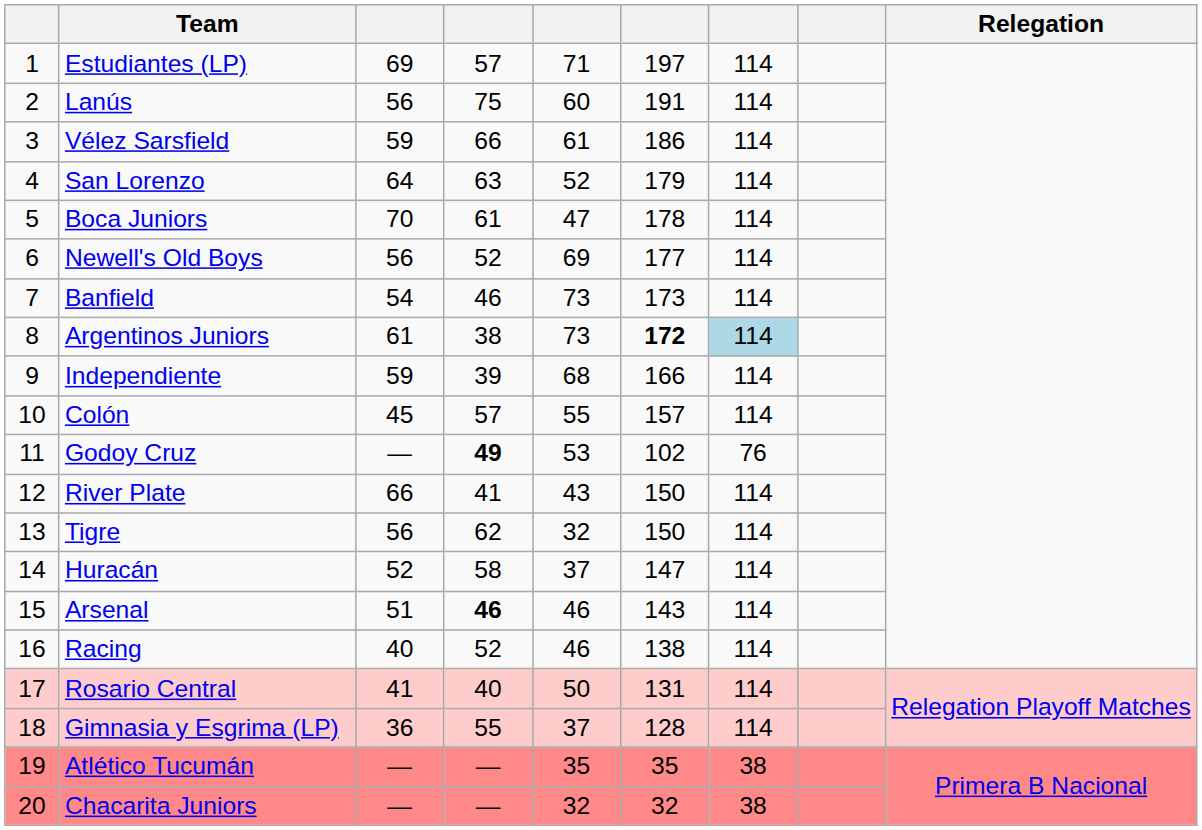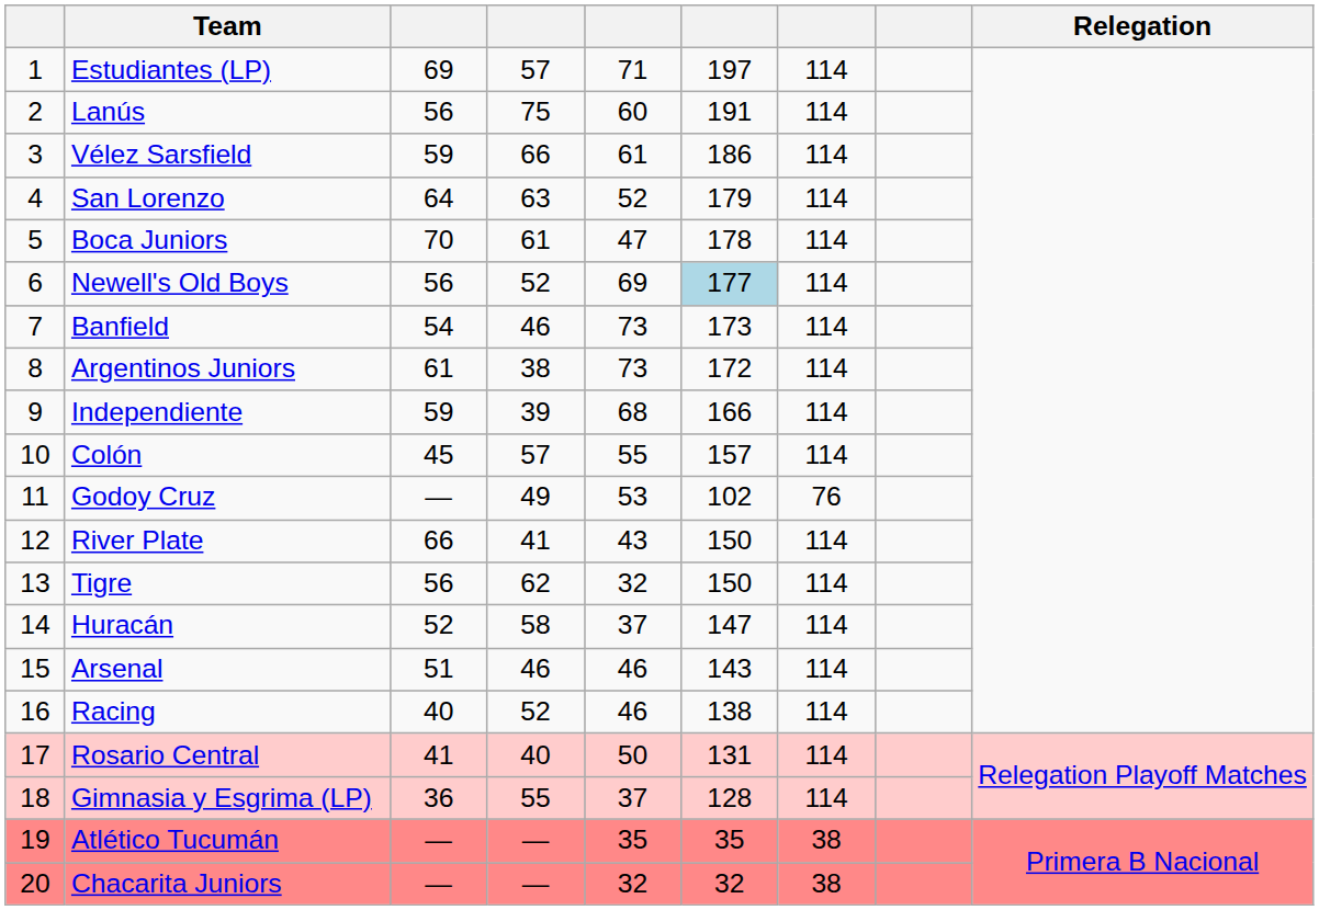 <table class="wikitable" style="text-align: center;">
 <tr>
 <th width=28><br></th>
 <th width=185>Team</th>
 <th width=50></th>
 <th width=50></th>
 <th width=50></th>
 <th width=50></th>
 <th width=50></th>
 <th width=50><br></th>
 <th>Relegation</th>
 </tr>
 <tr>
 <td>1</td>
 <td align="left"><a href='#'>Estudiantes (LP)</a></td>
 <td>69</td>
 <td>57</td>
 <td>71</td>
 <td>197</td>
 <td>114</td>
 <td><strong></strong></td>
 </tr>
 <tr>
 <td>2</td>
 <td align="left"><a href='#'>Lanús</a></td>
 <td>56</td>
 <td>75</td>
 <td>60</td>
 <td>191</td>
 <td>114</td>
 <td><strong></strong></td>
 </tr>
 <tr>
 <td>3</td>
 <td align="left"><a href='#'>Vélez Sarsfield</a></td>
 <td>59</td>
 <td>66</td>
 <td>61</td>
 <td>186</td>
 <td>114</td>
 <td><strong></strong></td>
 </tr>
 <tr>
 <td>4</td>
 <td align="left"><a href='#'>San Lorenzo</a></td>
 <td>64</td>
 <td>63</td>
 <td>52</td>
 <td>179</td>
 <td>114</td>
 <td><strong></strong></td>
 </tr>
 <tr>
 <td>5</td>
 <td align="left"><a href='#'>Boca Juniors</a></td>
 <td>70</td>
 <td>61</td>
 <td>47</td>
 <td>178</td>
 <td>114</td>
 <td><strong></strong></td>
 </tr>
 <tr>
 <td>6</td>
 <td align="left"><a href='#'>Newell's Old Boys</a></td>
 <td>56</td>
 <td>52</td>
 <td>69</td>
-<td>177</td>
+<td style="background: lightblue;">177</td>
 <td>114</td>
 <td><strong></strong></td>
 </tr>
 <tr>
 <td>7</td>
 <td align="left"><a href='#'>Banfield</a></td>
 <td>54</td>
 <td>46</td>
 <td>73</td>
 <td>173</td>
 <td>114</td>
 <td><strong></strong></td>
 </tr>
 <tr>
 <td>8</td>
 <td align="left"><a href='#'>Argentinos Juniors</a></td>
 <td>61</td>
 <td>38</td>
 <td>73</td>
-<td><strong>172</strong></td>
-<td style="background: lightblue;">114</td>
+<td>172</td>
+<td>114</td>
 <td><strong></strong></td>
 </tr>
 <tr>
 <td>9</td>
 <td align="left"><a href='#'>Independiente</a></td>
 <td>59</td>
 <td>39</td>
 <td>68</td>
 <td>166</td>
 <td>114</td>
 <td><strong></strong></td>
 </tr>
 <tr>
 <td>10</td>
 <td align="left"><a href='#'>Colón</a></td>
 <td>45</td>
 <td>57</td>
 <td>55</td>
 <td>157</td>
 <td>114</td>
 <td><strong></strong></td>
 </tr>
 <tr>
 <td>11</td>
 <td align="left"><a href='#'>Godoy Cruz</a></td>
 <td>—</td>
-<td><strong>49</strong></td>
+<td>49</td>
 <td>53</td>
 <td>102</td>
 <td>76</td>
 <td><strong></strong></td>
 </tr>
 <tr>
 <td>12</td>
 <td align="left"><a href='#'>River Plate</a></td>
 <td>66</td>
 <td>41</td>
 <td>43</td>
 <td>150</td>
 <td>114</td>
 <td><strong></strong></td>
 </tr>
 <tr>
 <td>13</td>
 <td align="left"><a href='#'>Tigre</a></td>
 <td>56</td>
 <td>62</td>
 <td>32</td>
 <td>150</td>
 <td>114</td>
 <td><strong></strong></td>
 </tr>
 <tr>
 <td>14</td>
 <td align="left"><a href='#'>Huracán</a></td>
 <td>52</td>
 <td>58</td>
 <td>37</td>
 <td>147</td>
 <td>114</td>
 <td><strong></strong></td>
 </tr>
 <tr>
 <td>15</td>
 <td align="left"><a href='#'>Arsenal</a></td>
 <td>51</td>
-<td><strong>46</strong></td>
+<td>46</td>
 <td>46</td>
 <td>143</td>
 <td>114</td>
 <td><strong></strong></td>
 </tr>
 <tr>
 <td>16</td>
 <td align="left"><a href='#'>Racing</a></td>
 <td>40</td>
 <td>52</td>
 <td>46</td>
 <td>138</td>
 <td>114</td>
 <td><strong></strong></td>
 </tr>
 <tr bgcolor=#FFCCCC>
 <td>17</td>
 <td align="left"><a href='#'>Rosario Central</a></td>
 <td>41</td>
 <td>40</td>
 <td>50</td>
 <td>131</td>
 <td>114</td>
 <td><strong></strong></td>
 <td rowspan=2><a href='#'>Relegation Playoff Matches</a></td>
 </tr>
 <tr bgcolor=#FFCCCC>
 <td>18</td>
 <td align="left"><a href='#'>Gimnasia y Esgrima (LP)</a></td>
 <td>36</td>
 <td>55</td>
 <td>37</td>
 <td>128</td>
 <td>114</td>
 <td><strong></strong></td>
 </tr>
 <tr bgcolor=#FF8888>
 <td>19</td>
 <td align="left"><a href='#'>Atlético Tucumán</a></td>
 <td>—</td>
 <td>—</td>
 <td>35</td>
 <td>35</td>
 <td>38</td>
 <td><strong></strong></td>
 <td rowspan=2><a href='#'>Primera B Nacional</a></td>
 </tr>
 <tr bgcolor=#FF8888>
 <td>20</td>
 <td align="left"><a href='#'>Chacarita Juniors</a></td>
 <td>—</td>
 <td>—</td>
 <td>32</td>
 <td>32</td>
 <td>38</td>
 <td><strong></strong></td>
 </tr>
 </table>
